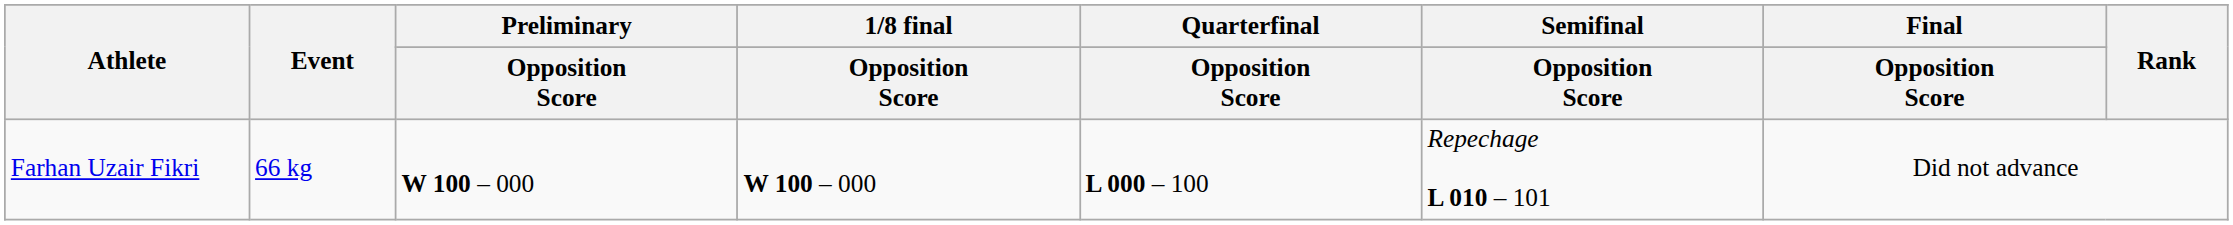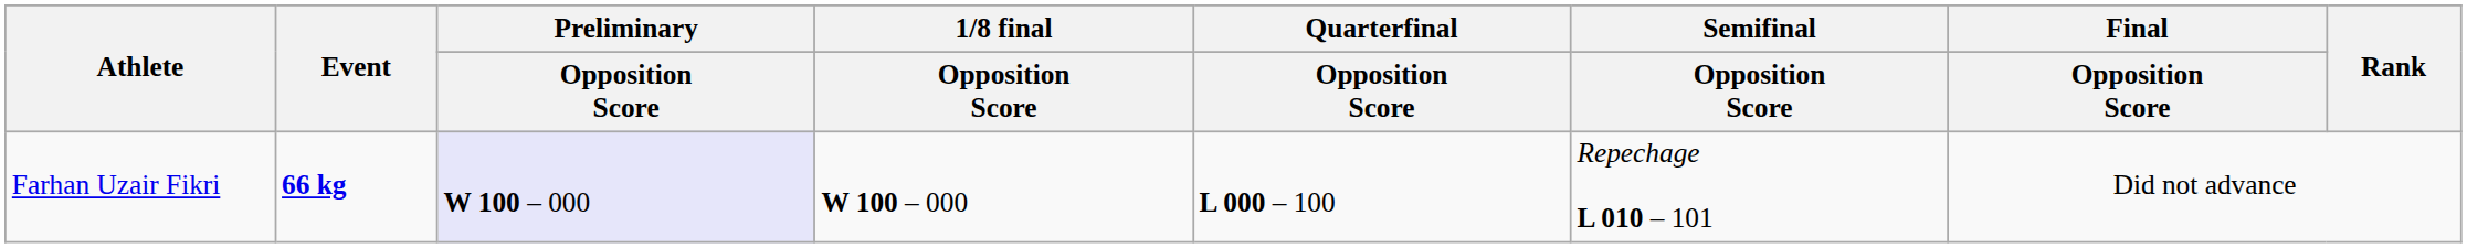 <table class="wikitable" width="100%" style="text-align:left; font-size:90%">
 <tr>
 <th rowspan=2 width="10%">Athlete</th>
 <th rowspan=2 width="6%">Event</th>
 <th width="14%">Preliminary</th>
 <th width="14%">1/8 final</th>
 <th width="14%">Quarterfinal</th>
 <th width="14%">Semifinal</th>
 <th width="14%">Final</th>
 <th rowspan=2 width="5%">Rank</th>
 </tr>
 <tr>
 <th>Opposition<br>Score</th>
 <th>Opposition<br>Score</th>
 <th>Opposition<br>Score</th>
 <th>Opposition<br>Score</th>
 <th>Opposition<br>Score</th>
 </tr>
 <tr>
 <td><a href='#'>Farhan Uzair Fikri</a></td>
-<td><a href='#'>66 kg</a></td>
-<td><br><strong>W 100</strong> – 000</td>
+<td><strong><a href='#'>66 kg</a></strong></td>
+<td style="background: lavender;"><br><strong>W 100</strong> – 000</td>
 <td><br><strong>W 100</strong> – 000</td>
 <td><br><strong>L 000</strong> – 100</td>
 <td><em>Repechage</em><br><br><strong>L 010</strong> – 101</td>
 <td colspan=2 align=center>Did not advance</td>
 </tr>
 </table>
